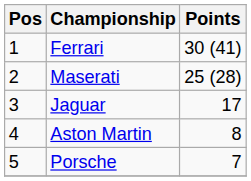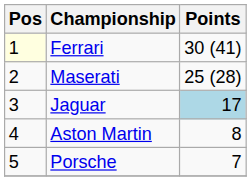 <table class="wikitable" style="font-size: 95%;">
 <tr>
 <th>Pos</th>
 <th>Championship</th>
 <th>Points</th>
 </tr>
 <tr>
-<td>1</td>
+<td style="background: lightyellow;">1</td>
 <td> <a href='#'>Ferrari</a></td>
 <td align="right">30 (41)</td>
 </tr>
 <tr>
 <td>2</td>
 <td> <a href='#'>Maserati</a></td>
 <td align="right">25 (28)</td>
 </tr>
 <tr>
 <td>3</td>
 <td> <a href='#'>Jaguar</a></td>
-<td align="right">17</td>
+<td align="right" style="background: lightblue;">17</td>
 </tr>
 <tr>
 <td>4</td>
 <td> <a href='#'>Aston Martin</a></td>
 <td align="right">8</td>
 </tr>
 <tr>
 <td>5</td>
 <td> <a href='#'>Porsche</a></td>
 <td align="right">7</td>
 </tr>
 <tr>
 </tr>
 </table>
